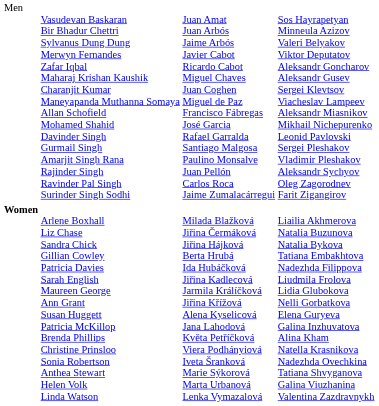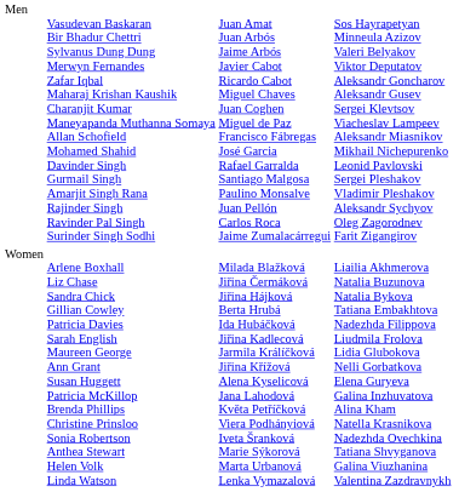 <table>
 <tr valign="top">
 <td>Men<br></td>
 <td><br><a href='#'>Vasudevan Baskaran</a><br><a href='#'>Bir Bhadur Chettri</a><br><a href='#'>Sylvanus Dung Dung</a><br><a href='#'>Merwyn Fernandes</a><br><a href='#'>Zafar Iqbal</a><br><a href='#'>Maharaj Krishan Kaushik</a><br><a href='#'>Charanjit Kumar</a><br><a href='#'>Maneyapanda Muthanna Somaya</a><br><a href='#'>Allan Schofield</a><br><a href='#'>Mohamed Shahid</a><br><a href='#'>Davinder Singh</a><br><a href='#'>Gurmail Singh</a><br><a href='#'>Amarjit Singh Rana</a><br><a href='#'>Rajinder Singh</a><br><a href='#'>Ravinder Pal Singh</a><br><a href='#'>Surinder Singh Sodhi</a></td>
 <td><br><a href='#'>Juan Amat</a><br><a href='#'>Juan Arbós</a><br><a href='#'>Jaime Arbós</a><br><a href='#'>Javier Cabot</a><br><a href='#'>Ricardo Cabot</a><br><a href='#'>Miguel Chaves</a><br><a href='#'>Juan Coghen</a><br><a href='#'>Miguel de Paz</a><br><a href='#'>Francisco Fábregas</a><br><a href='#'>José Garcia</a><br><a href='#'>Rafael Garralda</a><br><a href='#'>Santiago Malgosa</a><br><a href='#'>Paulino Monsalve</a><br><a href='#'>Juan Pellón</a><br><a href='#'>Carlos Roca</a><br><a href='#'>Jaime Zumalacárregui</a></td>
 <td><br><a href='#'>Sos Hayrapetyan</a><br><a href='#'>Minneula Azizov</a><br><a href='#'>Valeri Belyakov</a><br><a href='#'>Viktor Deputatov</a><br><a href='#'>Aleksandr Goncharov</a><br><a href='#'>Aleksandr Gusev</a><br><a href='#'>Sergei Klevtsov</a><br><a href='#'>Viacheslav Lampeev</a><br><a href='#'>Aleksandr Miasnikov</a><br><a href='#'>Mikhail Nichepurenko</a><br><a href='#'>Leonid Pavlovski</a><br><a href='#'>Sergei Pleshakov</a><br><a href='#'>Vladimir Pleshakov</a><br><a href='#'>Aleksandr Sychyov</a><br><a href='#'>Oleg Zagorodnev</a><br><a href='#'>Farit Zigangirov</a></td>
 </tr>
 <tr valign="top">
-<td><strong>Women<br></strong></td>
+<td>Women<br></td>
 <td><br><a href='#'>Arlene Boxhall</a><br><a href='#'>Liz Chase</a><br><a href='#'>Sandra Chick</a><br><a href='#'>Gillian Cowley</a><br><a href='#'>Patricia Davies</a><br><a href='#'>Sarah English</a><br><a href='#'>Maureen George</a><br><a href='#'>Ann Grant</a><br><a href='#'>Susan Huggett</a><br><a href='#'>Patricia McKillop</a><br><a href='#'>Brenda Phillips</a><br><a href='#'>Christine Prinsloo</a><br><a href='#'>Sonia Robertson</a><br><a href='#'>Anthea Stewart</a><br><a href='#'>Helen Volk</a><br><a href='#'>Linda Watson</a></td>
 <td><br><a href='#'>Milada Blažková</a><br><a href='#'>Jiřina Čermáková</a><br><a href='#'>Jiřina Hájková</a><br><a href='#'>Berta Hrubá</a><br><a href='#'>Ida Hubáčková</a><br><a href='#'>Jiřina Kadlecová</a><br><a href='#'>Jarmila Králíčková</a><br><a href='#'>Jiřina Křížová</a><br><a href='#'>Alena Kyselicová</a><br><a href='#'>Jana Lahodová</a><br><a href='#'>Květa Petříčková</a><br><a href='#'>Viera Podhányiová</a><br><a href='#'>Iveta Šranková</a><br><a href='#'>Marie Sýkorová</a><br><a href='#'>Marta Urbanová</a><br><a href='#'>Lenka Vymazalová</a></td>
 <td><br><a href='#'>Liailia Akhmerova</a><br><a href='#'>Natalia Buzunova</a><br><a href='#'>Natalia Bykova</a><br><a href='#'>Tatiana Embakhtova</a><br><a href='#'>Nadezhda Filippova</a><br><a href='#'>Liudmila Frolova</a><br><a href='#'>Lidia Glubokova</a><br><a href='#'>Nelli Gorbatkova</a><br><a href='#'>Elena Guryeva</a><br><a href='#'>Galina Inzhuvatova</a><br><a href='#'>Alina Kham</a><br><a href='#'>Natella Krasnikova</a><br><a href='#'>Nadezhda Ovechkina</a><br><a href='#'>Tatiana Shvyganova</a><br><a href='#'>Galina Viuzhanina</a><br><a href='#'>Valentina Zazdravnykh</a></td>
 </tr>
 </table>
